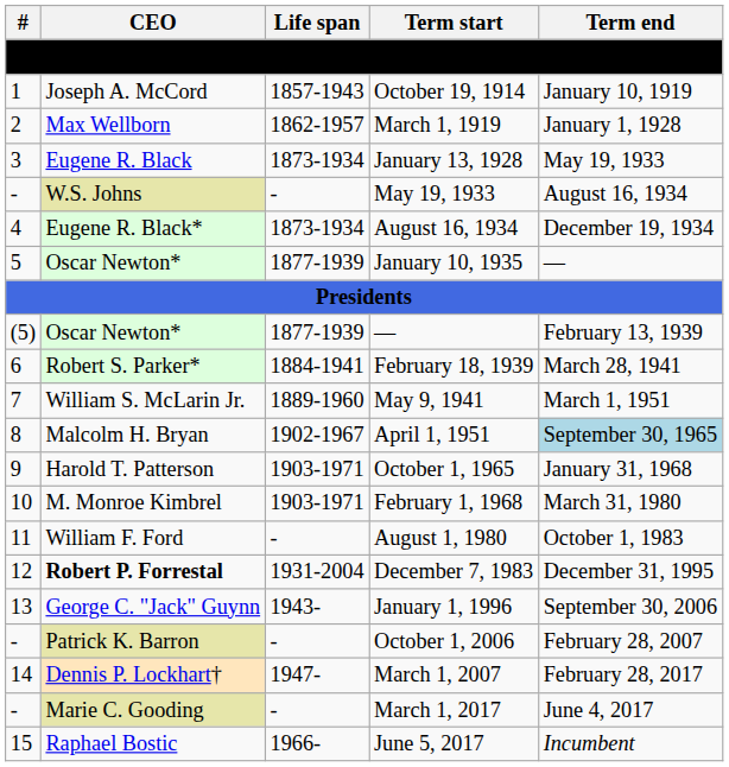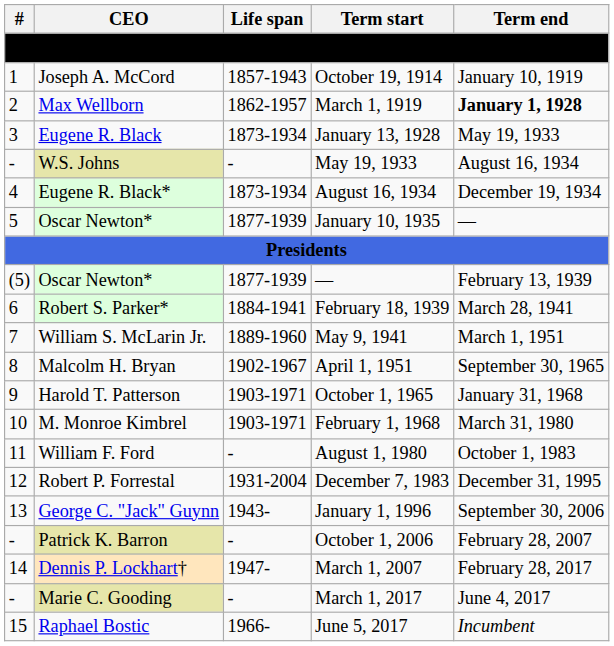 <table class="wikitable">
 <tr>
 <th>#</th>
 <th>CEO</th>
 <th>Life span</th>
 <th>Term start</th>
 <th>Term end</th>
 </tr>
 <tr>
 <td align="center" Colspan="18" style="background: #000000"><strong><span>Governors</span></strong></td>
 </tr>
 <tr>
 <td>1</td>
 <td>Joseph A. McCord</td>
 <td>1857-1943</td>
 <td>October 19, 1914</td>
 <td>January 10, 1919</td>
 </tr>
 <tr>
 <td>2</td>
 <td><a href='#'>Max Wellborn</a></td>
 <td>1862-1957</td>
 <td>March 1, 1919</td>
-<td>January 1, 1928</td>
+<td><strong>January 1, 1928</strong></td>
 </tr>
 <tr>
 <td>3</td>
 <td><a href='#'>Eugene R. Black</a></td>
 <td>1873-1934</td>
 <td>January 13, 1928</td>
 <td>May 19, 1933</td>
 </tr>
 <tr>
 <td>-</td>
 <td bgcolor="#E6E6AA">W.S. Johns</td>
 <td>-</td>
 <td>May 19, 1933</td>
 <td>August 16, 1934</td>
 </tr>
 <tr>
 <td>4</td>
 <td bgcolor="#ddffdd">Eugene R. Black*</td>
 <td>1873-1934</td>
 <td>August 16, 1934</td>
 <td>December 19, 1934</td>
 </tr>
 <tr>
 <td>5</td>
 <td bgcolor="#ddffdd">Oscar Newton*</td>
 <td>1877-1939</td>
 <td>January 10, 1935</td>
 <td>—</td>
 </tr>
 <tr>
 <td align="center" Colspan="18" style="background: #4169E1"><strong><span>Presidents</span></strong></td>
 </tr>
 <tr>
 <td>(5)</td>
 <td bgcolor="#ddffdd">Oscar Newton*</td>
 <td>1877-1939</td>
 <td>—</td>
 <td>February 13, 1939</td>
 </tr>
 <tr>
 <td>6</td>
 <td bgcolor="#ddffdd">Robert S. Parker*</td>
 <td>1884-1941</td>
 <td>February 18, 1939</td>
 <td>March 28, 1941</td>
 </tr>
 <tr>
 <td>7</td>
 <td>William S. McLarin Jr.</td>
 <td>1889-1960</td>
 <td>May 9, 1941</td>
 <td>March 1, 1951</td>
 </tr>
 <tr>
 <td>8</td>
 <td>Malcolm H. Bryan</td>
 <td>1902-1967</td>
 <td>April 1, 1951</td>
-<td style="background: lightblue;">September 30, 1965</td>
+<td>September 30, 1965</td>
 </tr>
 <tr>
 <td>9</td>
 <td>Harold T. Patterson</td>
 <td>1903-1971</td>
 <td>October 1, 1965</td>
 <td>January 31, 1968</td>
 </tr>
 <tr>
 <td>10</td>
 <td>M. Monroe Kimbrel</td>
 <td>1903-1971</td>
 <td>February 1, 1968</td>
 <td>March 31, 1980</td>
 </tr>
 <tr>
 <td>11</td>
 <td>William F. Ford</td>
 <td>-</td>
 <td>August 1, 1980</td>
 <td>October 1, 1983</td>
 </tr>
 <tr>
 <td>12</td>
-<td><strong>Robert P. Forrestal</strong></td>
+<td>Robert P. Forrestal</td>
 <td>1931-2004</td>
 <td>December 7, 1983</td>
 <td>December 31, 1995</td>
 </tr>
 <tr>
 <td>13</td>
 <td><a href='#'>George C. "Jack" Guynn</a></td>
 <td>1943-</td>
 <td>January 1, 1996</td>
 <td>September 30, 2006</td>
 </tr>
 <tr>
 <td>-</td>
 <td bgcolor="#E6E6AA">Patrick K. Barron</td>
 <td>-</td>
 <td>October 1, 2006</td>
 <td>February 28, 2007</td>
 </tr>
 <tr>
 <td>14</td>
 <td bgcolor="#ffe6bd"><a href='#'>Dennis P. Lockhart</a>†</td>
 <td>1947-</td>
 <td>March 1, 2007</td>
 <td>February 28, 2017</td>
 </tr>
 <tr>
 <td>-</td>
 <td bgcolor="#E6E6AA">Marie C. Gooding</td>
 <td>-</td>
 <td>March 1, 2017</td>
 <td>June 4, 2017</td>
 </tr>
 <tr>
 <td>15</td>
 <td><a href='#'>Raphael Bostic</a></td>
 <td>1966-</td>
 <td>June 5, 2017</td>
 <td><em>Incumbent</em></td>
 </tr>
 </table>
